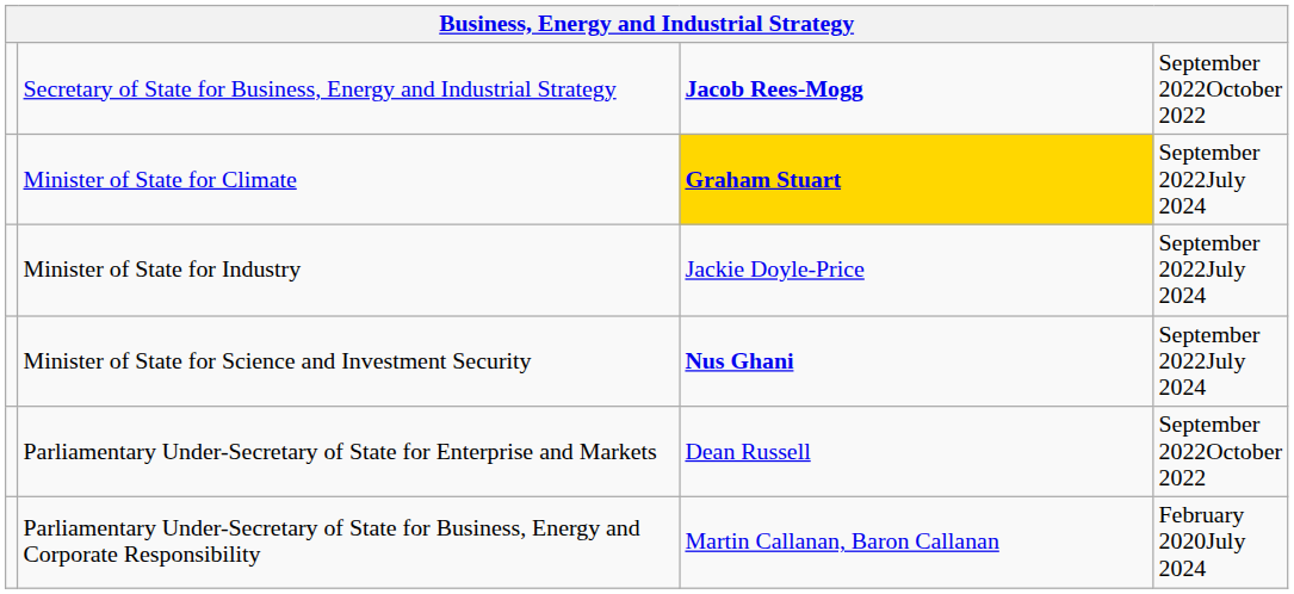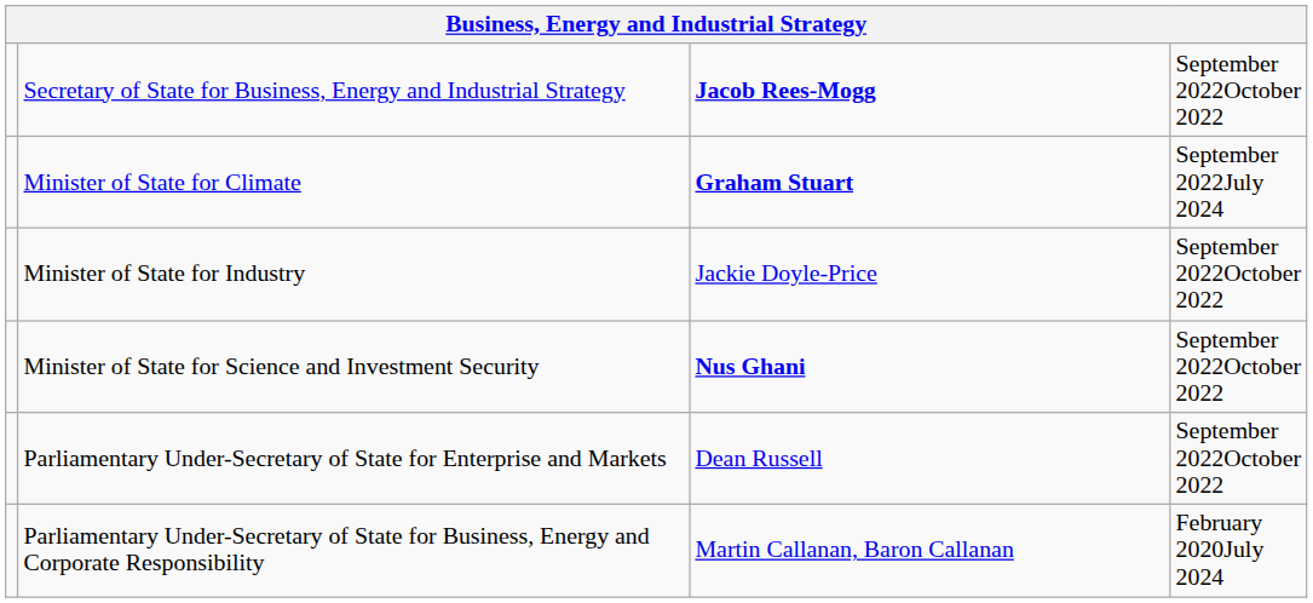 <table class="wikitable">
 <tr>
 <th colspan="4"><a href='#'>Business, Energy and Industrial Strategy</a></th>
 </tr>
 <tr>
 <td rowspan=1 style="width: 1px; background: "></td>
 <td rowspan=1 style="width: 450px;"><a href='#'>Secretary of State for Business, Energy and Industrial Strategy</a></td>
 <td style="width: 320px;"><strong><a href='#'>Jacob Rees-Mogg</a></strong></td>
 <td>September 2022October 2022</td>
 </tr>
 <tr>
 <td rowspan=1 style="width: 1px; background: "></td>
 <td rowspan=1><a href='#'>Minister of State for Climate</a></td>
-<td style="background: gold;"><strong><a href='#'>Graham Stuart</a></strong></td>
+<td><strong><a href='#'>Graham Stuart</a></strong></td>
 <td>September 2022July 2024</td>
 </tr>
 <tr>
 <td rowspan="1" style="width: 1px; background: "></td>
 <td rowspan="1">Minister of State for Industry</td>
 <td><a href='#'>Jackie Doyle-Price</a></td>
-<td>September 2022July 2024</td>
+<td>September 2022October 2022</td>
 </tr>
 <tr>
 <td rowspan="1" style="width: 1px; background: "></td>
 <td rowspan="1">Minister of State for Science and Investment Security</td>
 <td><strong><a href='#'>Nus Ghani</a></strong></td>
-<td>September 2022July 2024</td>
+<td>September 2022October 2022</td>
 </tr>
 <tr>
 <td rowspan="1" style="width: 1px; background: "></td>
 <td rowspan="1">Parliamentary Under-Secretary of State for Enterprise and Markets</td>
 <td><a href='#'>Dean Russell</a></td>
 <td>September 2022October 2022</td>
 </tr>
 <tr>
 <td style="width: 1px; background: "></td>
 <td>Parliamentary Under-Secretary of State for Business, Energy and Corporate Responsibility</td>
 <td><a href='#'>Martin Callanan, Baron Callanan</a></td>
 <td>February 2020July 2024</td>
 </tr>
 </table>
